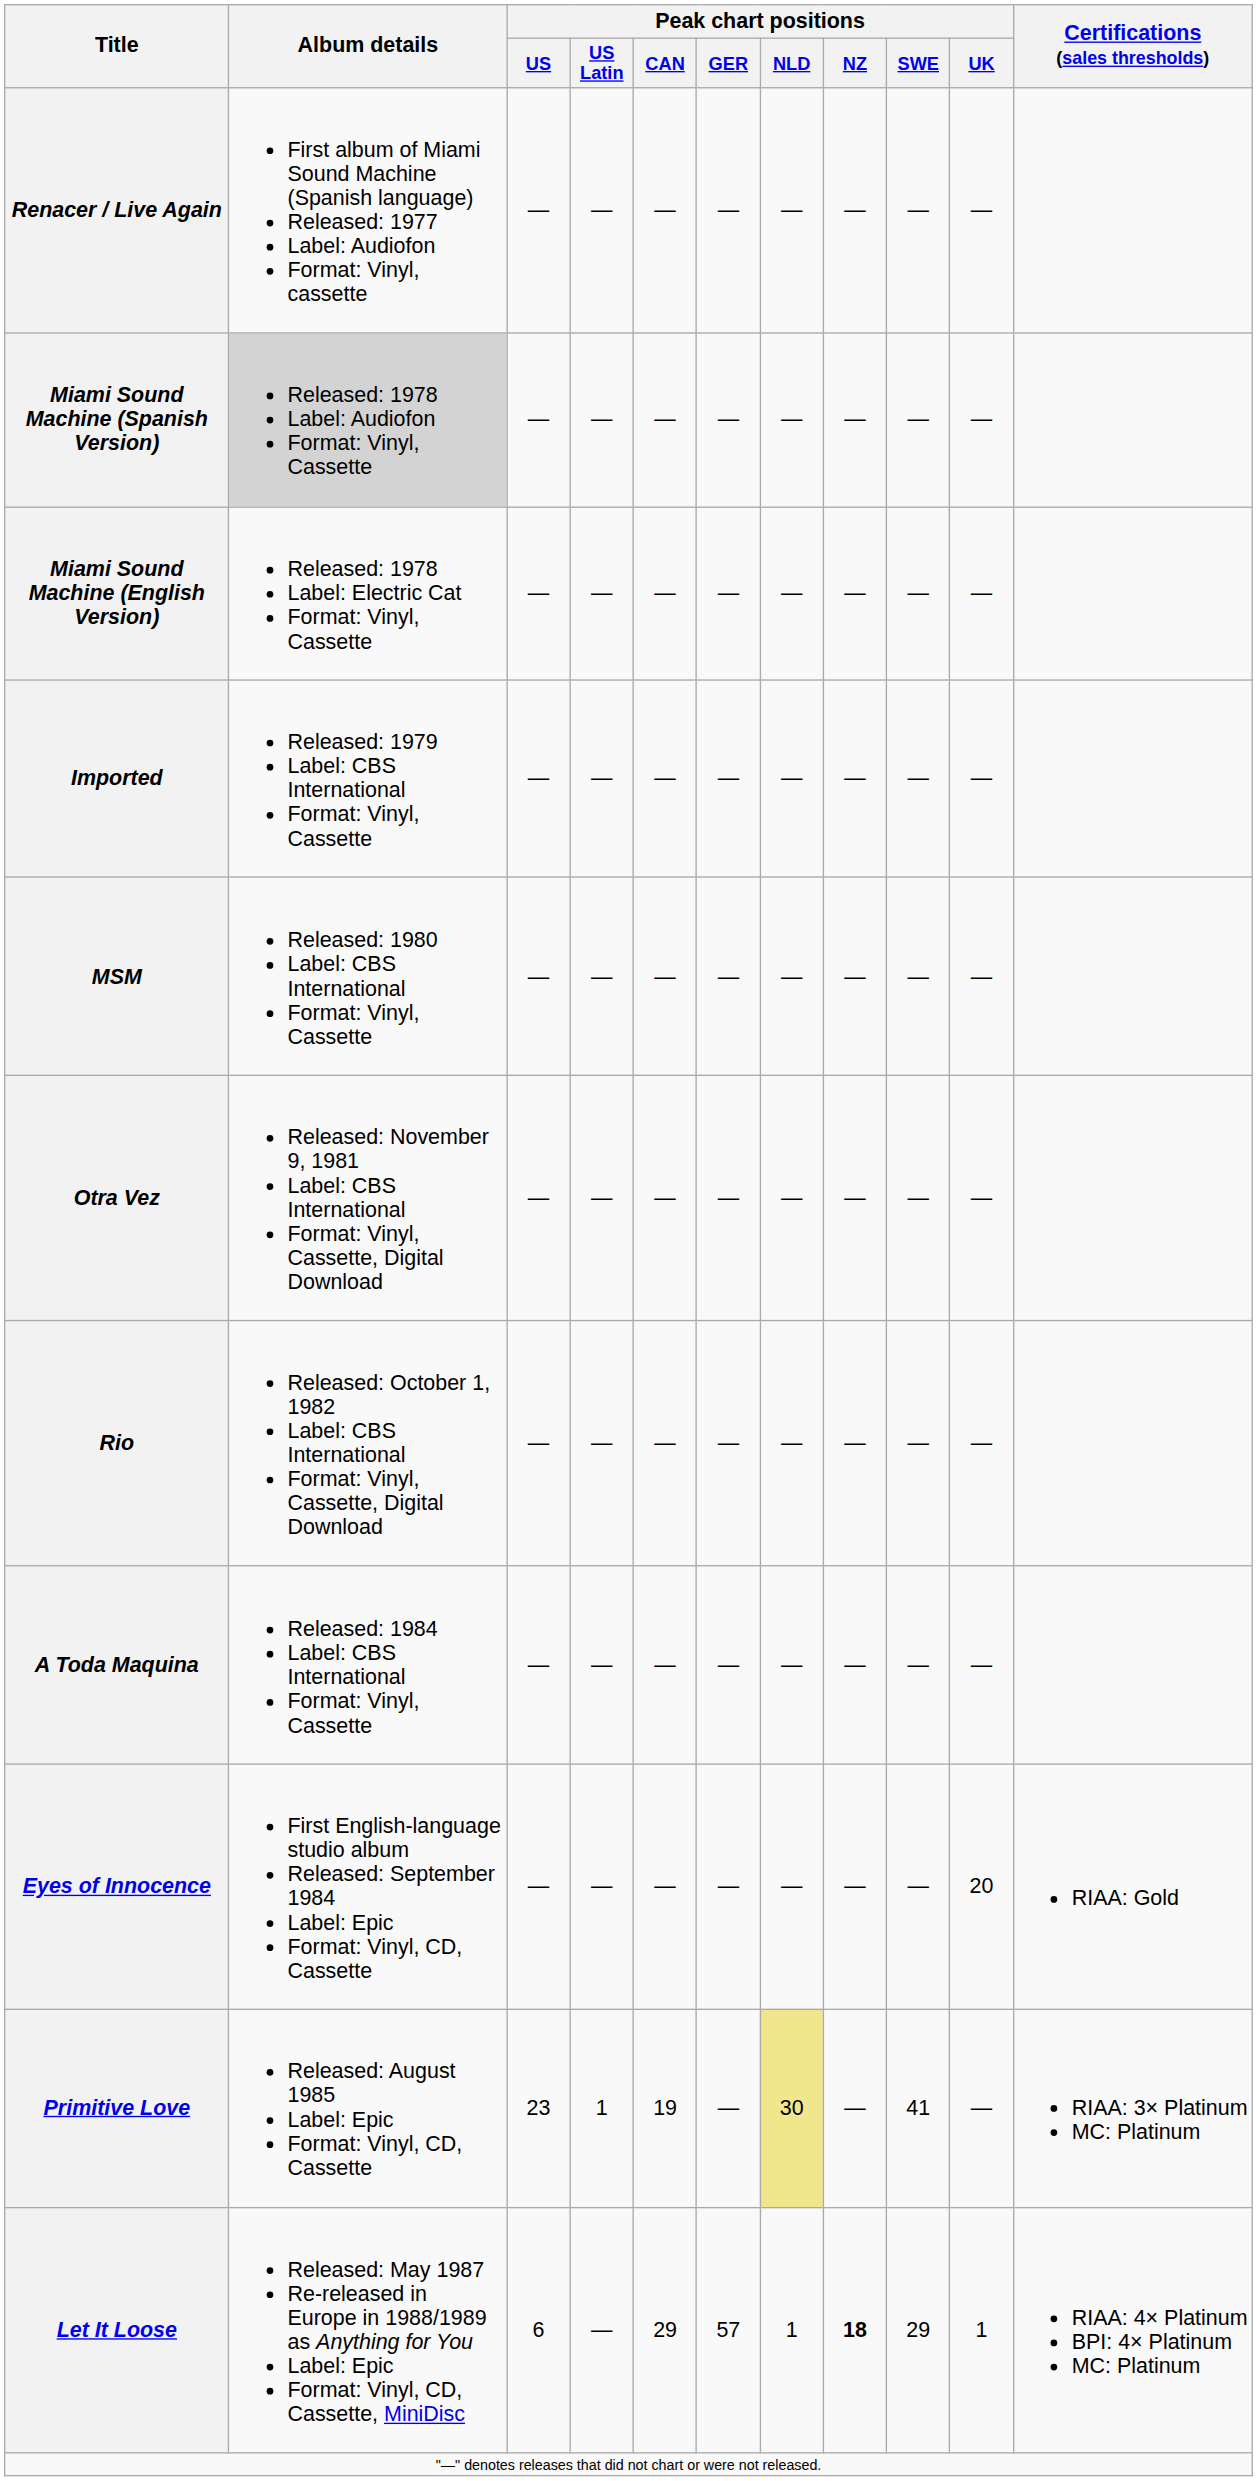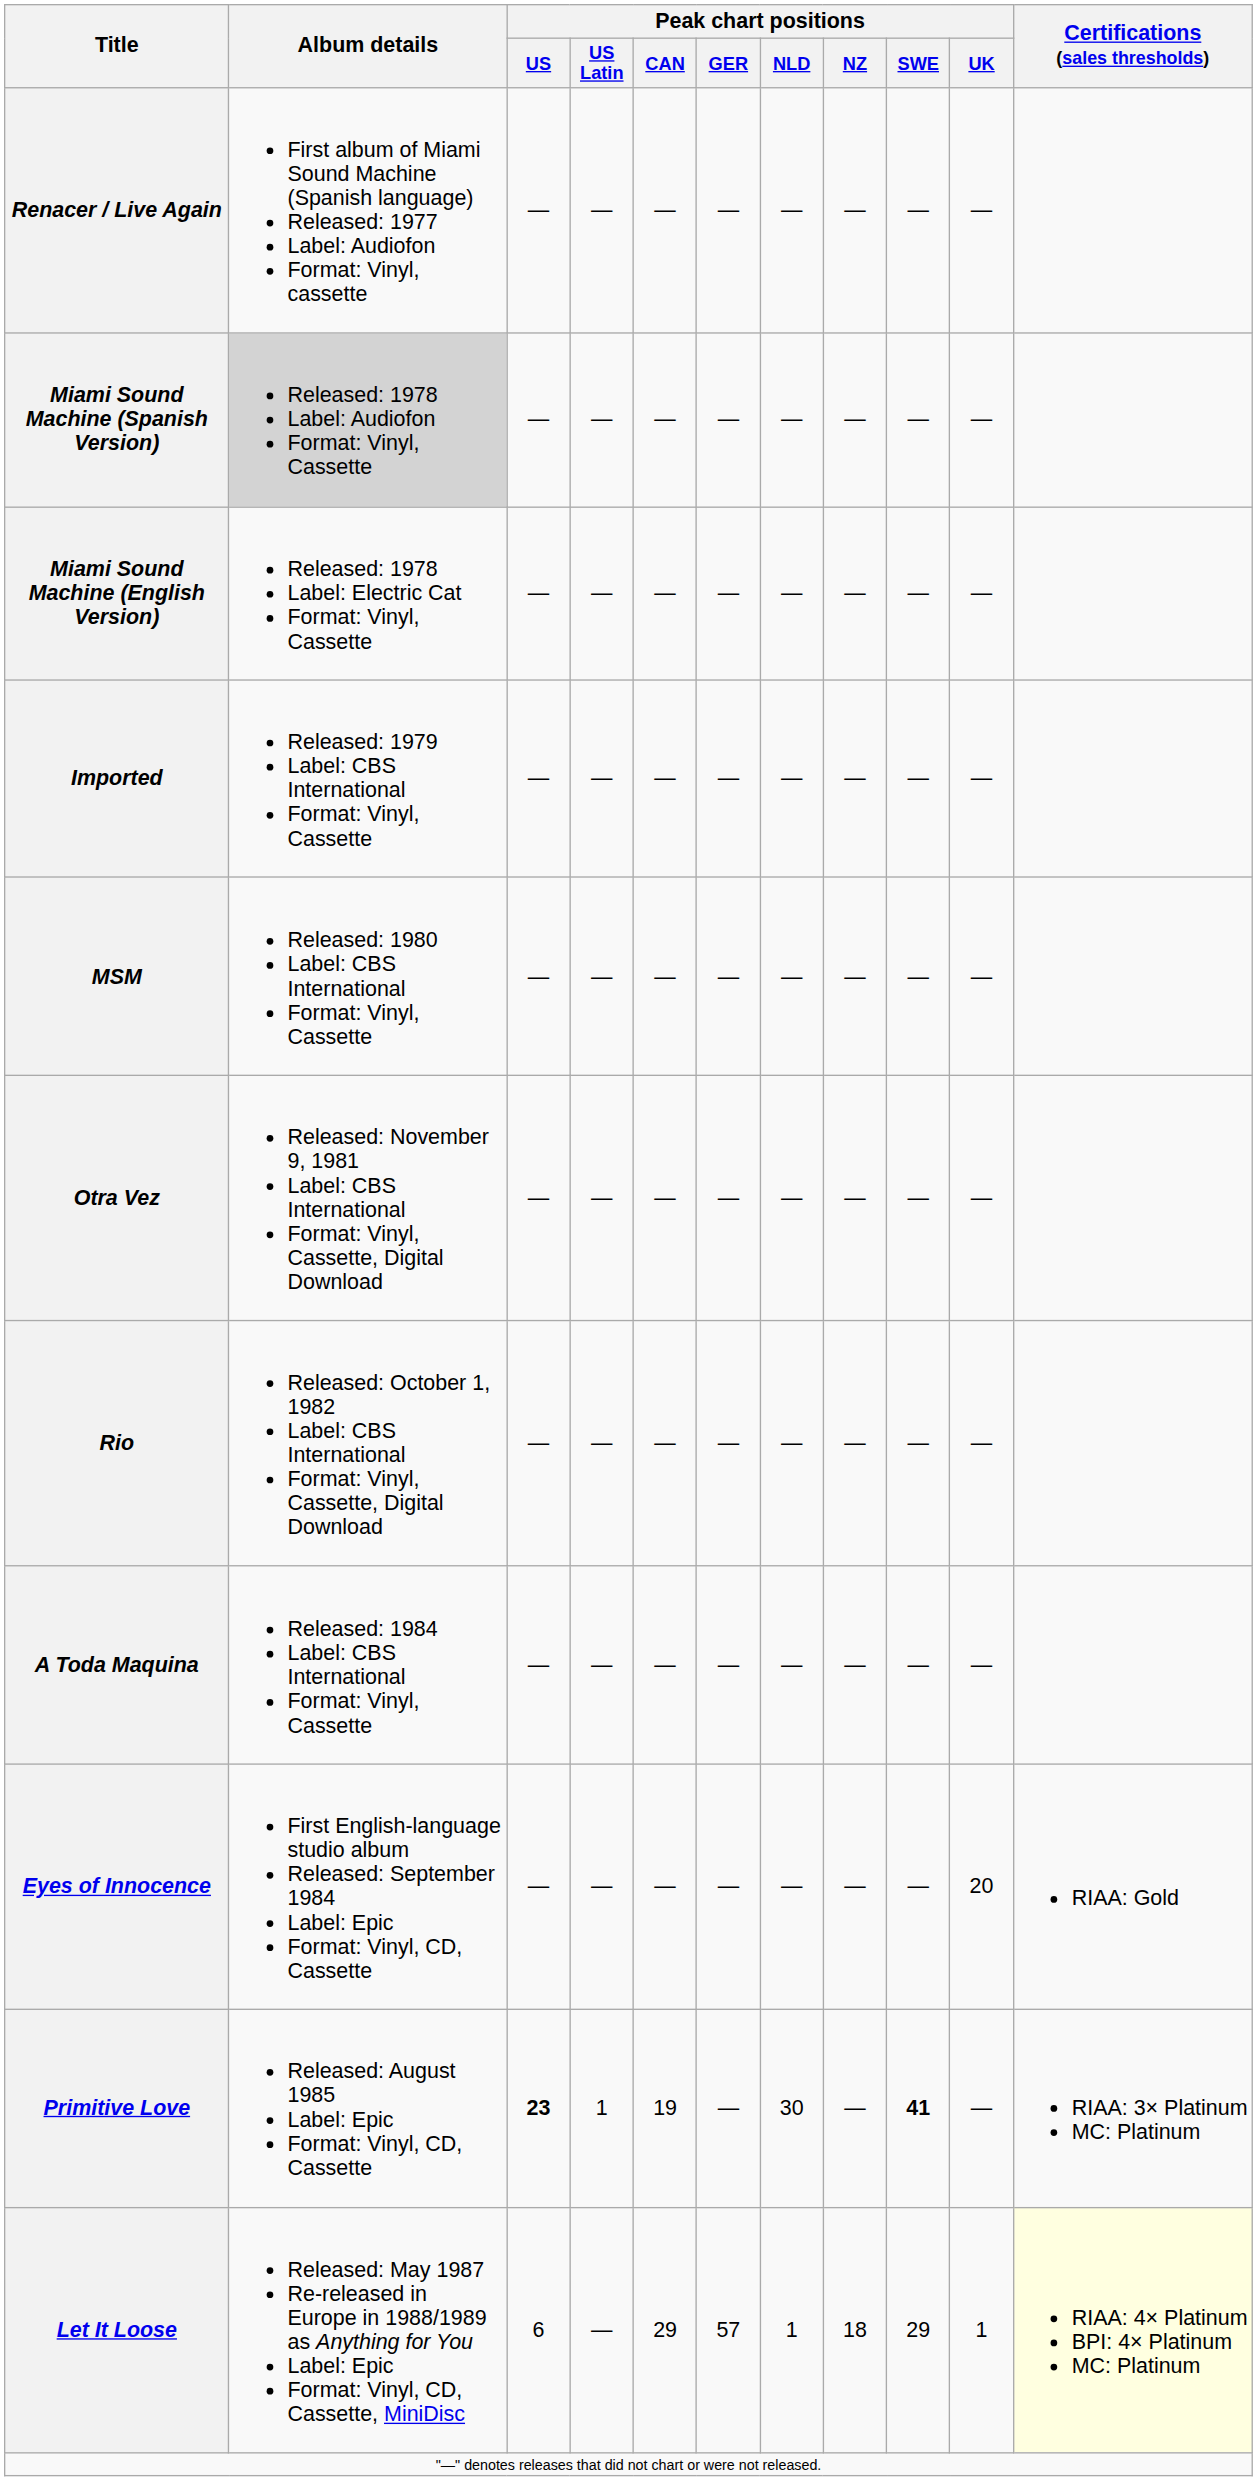 <table class="wikitable plainrowheaders">
 <tr>
 <th scope="col" rowspan="2" style="width:10em;">Title</th>
 <th rowspan="2" style="width:200px;">Album details</th>
 <th colspan="8">Peak chart positions</th>
 <th rowspan="2"><a href='#'>Certifications</a><br><small>(<a href='#'>sales thresholds</a>)</small></th>
 </tr>
 <tr>
 <th style="width:3em;font-size:85%"><a href='#'>US</a><br></th>
 <th style="width:3em;font-size:85%"><a href='#'>US Latin</a><br></th>
 <th style="width:3em;font-size:85%"><a href='#'>CAN</a><br></th>
 <th style="width:3em;font-size:85%"><a href='#'>GER</a><br></th>
 <th style="width:3em;font-size:85%"><a href='#'>NLD</a><br></th>
 <th style="width:3em;font-size:85%"><a href='#'>NZ</a><br></th>
 <th style="width:3em;font-size:85%"><a href='#'>SWE</a><br></th>
 <th style="width:3em;font-size:85%"><a href='#'>UK</a><br></th>
 </tr>
 <tr>
 <th scope="row"><em>Renacer / Live Again</em></th>
 <td><br><ul><li>First album of Miami Sound Machine (Spanish language)</li><li>Released: 1977</li><li>Label: Audiofon</li><li>Format: Vinyl, cassette</li></ul></td>
 <td align="center">—</td>
 <td align="center">—</td>
 <td align="center">—</td>
 <td align="center">—</td>
 <td align="center">—</td>
 <td align="center">—</td>
 <td align="center">—</td>
 <td align="center">—</td>
 <td></td>
 </tr>
 <tr>
 <th scope="row"><em>Miami Sound Machine (Spanish Version)</em></th>
 <td style="background: lightgrey;"><br><ul><li>Released: 1978</li><li>Label: Audiofon</li><li>Format: Vinyl, Cassette</li></ul></td>
 <td align="center">—</td>
 <td align="center">—</td>
 <td align="center">—</td>
 <td align="center">—</td>
 <td align="center">—</td>
 <td align="center">—</td>
 <td align="center">—</td>
 <td align="center">—</td>
 <td></td>
 </tr>
 <tr>
 <th scope="row"><em>Miami Sound Machine (English Version)</em></th>
 <td><br><ul><li>Released: 1978</li><li>Label: Electric Cat</li><li>Format: Vinyl, Cassette</li></ul></td>
 <td align="center">—</td>
 <td align="center">—</td>
 <td align="center">—</td>
 <td align="center">—</td>
 <td align="center">—</td>
 <td align="center">—</td>
 <td align="center">—</td>
 <td align="center">—</td>
 <td></td>
 </tr>
 <tr>
 <th scope="row"><em>Imported</em></th>
 <td><br><ul><li>Released: 1979</li><li>Label: CBS International</li><li>Format: Vinyl, Cassette</li></ul></td>
 <td align="center">—</td>
 <td align="center">—</td>
 <td align="center">—</td>
 <td align="center">—</td>
 <td align="center">—</td>
 <td align="center">—</td>
 <td align="center">—</td>
 <td align="center">—</td>
 <td></td>
 </tr>
 <tr>
 <th scope="row"><em>MSM</em></th>
 <td><br><ul><li>Released: 1980</li><li>Label: CBS International</li><li>Format: Vinyl, Cassette</li></ul></td>
 <td align="center">—</td>
 <td align="center">—</td>
 <td align="center">—</td>
 <td align="center">—</td>
 <td align="center">—</td>
 <td align="center">—</td>
 <td align="center">—</td>
 <td align="center">—</td>
 <td></td>
 </tr>
 <tr>
 <th scope="row"><em>Otra Vez</em></th>
 <td><br><ul><li>Released: November 9, 1981</li><li>Label: CBS International</li><li>Format: Vinyl, Cassette, Digital Download</li></ul></td>
 <td align="center">—</td>
 <td align="center">—</td>
 <td align="center">—</td>
 <td align="center">—</td>
 <td align="center">—</td>
 <td align="center">—</td>
 <td align="center">—</td>
 <td align="center">—</td>
 <td></td>
 </tr>
 <tr>
 <th scope="row"><em>Rio</em></th>
 <td><br><ul><li>Released: October 1, 1982</li><li>Label: CBS International</li><li>Format: Vinyl, Cassette, Digital Download</li></ul></td>
 <td align="center">—</td>
 <td align="center">—</td>
 <td align="center">—</td>
 <td align="center">—</td>
 <td align="center">—</td>
 <td align="center">—</td>
 <td align="center">—</td>
 <td align="center">—</td>
 <td></td>
 </tr>
 <tr>
 <th scope="row"><em>A Toda Maquina</em></th>
 <td><br><ul><li>Released: 1984</li><li>Label: CBS International</li><li>Format: Vinyl, Cassette</li></ul></td>
 <td align="center">—</td>
 <td align="center">—</td>
 <td align="center">—</td>
 <td align="center">—</td>
 <td align="center">—</td>
 <td align="center">—</td>
 <td align="center">—</td>
 <td align="center">—</td>
 <td></td>
 </tr>
 <tr>
 <th scope="row"><em><a href='#'>Eyes of Innocence</a></em></th>
 <td><br><ul><li>First English-language studio album</li><li>Released: September 1984</li><li>Label: Epic</li><li>Format: Vinyl, CD, Cassette</li></ul></td>
 <td align="center">—</td>
 <td align="center">—</td>
 <td align="center">—</td>
 <td align="center">—</td>
 <td align="center">—</td>
 <td align="center">—</td>
 <td align="center">—</td>
 <td align="center">20</td>
 <td><br><ul><li>RIAA: Gold</li></ul></td>
 </tr>
 <tr>
 <th scope="row"><em><a href='#'>Primitive Love</a></em></th>
 <td><br><ul><li>Released: August 1985</li><li>Label: Epic</li><li>Format: Vinyl, CD, Cassette</li></ul></td>
-<td align="center">23</td>
+<td align="center"><strong>23</strong></td>
 <td align="center">1</td>
 <td align="center">19</td>
 <td align="center">—</td>
-<td align="center" style="background: khaki;">30</td>
+<td align="center">30</td>
 <td align="center">—</td>
-<td align="center">41</td>
+<td align="center"><strong>41</strong></td>
 <td align="center">—</td>
 <td><br><ul><li>RIAA: 3× Platinum</li><li>MC: Platinum</li></ul></td>
 </tr>
 <tr>
 <th scope="row"><em><a href='#'>Let It Loose</a></em></th>
 <td><br><ul><li>Released: May 1987</li><li>Re-released in Europe in 1988/1989 as <em>Anything for You</em></li><li>Label: Epic</li><li>Format: Vinyl, CD, Cassette, <a href='#'>MiniDisc</a></li></ul></td>
 <td align="center">6</td>
 <td align="center">—</td>
 <td align="center">29</td>
 <td align="center">57</td>
 <td align="center">1</td>
-<td align="center"><strong>18</strong></td>
+<td align="center">18</td>
 <td align="center">29</td>
 <td align="center">1</td>
-<td><br><ul><li>RIAA: 4× Platinum</li><li>BPI: 4× Platinum</li><li>MC: Platinum</li></ul></td>
+<td style="background: lightyellow;"><br><ul><li>RIAA: 4× Platinum</li><li>BPI: 4× Platinum</li><li>MC: Platinum</li></ul></td>
 </tr>
 <tr>
 <td colspan="25" style="font-size:8pt; text-align:center;">"—" denotes releases that did not chart or were not released.</td>
 </tr>
 </table>
